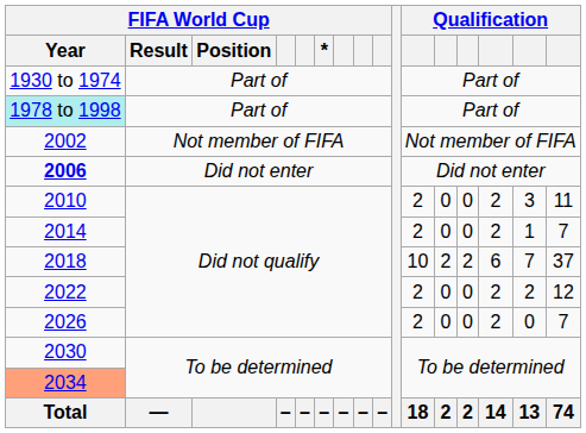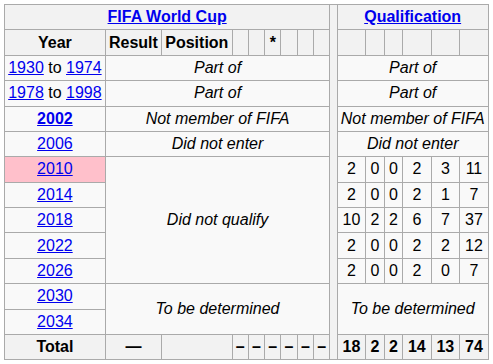 <table class="wikitable" style="text-align: center;">
 <tr>
 <th colspan=9><a href='#'>FIFA World Cup</a></th>
 <th rowspan=39></th>
 <th colspan=6><a href='#'>Qualification</a></th>
 </tr>
 <tr>
 <th>Year</th>
 <th>Result</th>
 <th>Position</th>
 <th></th>
 <th></th>
 <th>*</th>
 <th></th>
 <th></th>
 <th></th>
 <th></th>
 <th></th>
 <th></th>
 <th></th>
 <th></th>
 <th></th>
 </tr>
 <tr>
 <td> <a href='#'>1930</a> to  <a href='#'>1974</a></td>
 <td colspan=8><em>Part of </em></td>
 <td colspan=6><em>Part of </em></td>
 </tr>
 <tr>
-<td style="background: paleturquoise;"> <a href='#'>1978</a> to  <a href='#'>1998</a></td>
+<td> <a href='#'>1978</a> to  <a href='#'>1998</a></td>
 <td colspan=8><em>Part of </em></td>
 <td colspan=6><em>Part of </em></td>
 </tr>
 <tr>
-<td>  <a href='#'>2002</a></td>
+<td><strong>  <a href='#'>2002</a></strong></td>
 <td colspan=8><em>Not member of FIFA</em></td>
 <td colspan=6><em>Not member of FIFA</em></td>
 </tr>
 <tr>
-<td><strong> <a href='#'>2006</a></strong></td>
+<td> <a href='#'>2006</a></td>
 <td colspan=8><em>Did not enter</em></td>
 <td colspan=6><em>Did not enter</em></td>
 </tr>
 <tr>
-<td> <a href='#'>2010</a></td>
+<td style="background: pink;"> <a href='#'>2010</a></td>
 <td colspan=8 rowspan=5><em>Did not qualify</em></td>
 <td>2</td>
 <td>0</td>
 <td>0</td>
 <td>2</td>
 <td>3</td>
 <td>11</td>
 </tr>
 <tr>
 <td> <a href='#'>2014</a></td>
 <td>2</td>
 <td>0</td>
 <td>0</td>
 <td>2</td>
 <td>1</td>
 <td>7</td>
 </tr>
 <tr>
 <td> <a href='#'>2018</a></td>
 <td>10</td>
 <td>2</td>
 <td>2</td>
 <td>6</td>
 <td>7</td>
 <td>37</td>
 </tr>
 <tr>
 <td> <a href='#'>2022</a></td>
 <td>2</td>
 <td>0</td>
 <td>0</td>
 <td>2</td>
 <td>2</td>
 <td>12</td>
 </tr>
 <tr>
 <td>   <a href='#'>2026</a></td>
 <td>2</td>
 <td>0</td>
 <td>0</td>
 <td>2</td>
 <td>0</td>
 <td>7</td>
 </tr>
 <tr>
 <td>   <a href='#'>2030</a></td>
 <td colspan=8 rowspan=2><em>To be determined</em></td>
 <td colspan=6 rowspan=2><em>To be determined</em></td>
 </tr>
 <tr>
-<td style="background: lightsalmon;"> <a href='#'>2034</a></td>
+<td> <a href='#'>2034</a></td>
 </tr>
 <tr>
 <th>Total</th>
 <th>—</th>
 <th></th>
 <th>–</th>
 <th>–</th>
 <th>–</th>
 <th>–</th>
 <th>–</th>
 <th>–</th>
 <th>18</th>
 <th>2</th>
 <th>2</th>
 <th>14</th>
 <th>13</th>
 <th>74</th>
 </tr>
 </table>
